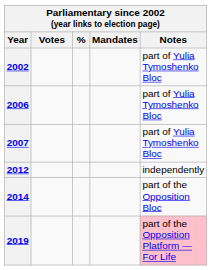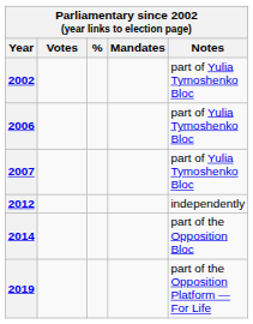 <table class="wikitable" style="float:right">
 <tr style="background-color:#C9C9C9">
 <th colspan="9"><strong>Parliamentary since 2002<br><small>(year links to election page)</small></strong></th>
 </tr>
 <tr>
 <th style="width: 20px">Year</th>
 <th style="width: 60px">Votes</th>
 <th style="width: 20px">%</th>
 <th style="width: 20px">Mandates</th>
 <th style="width: 60px">Notes</th>
 </tr>
 <tr>
 <th><a href='#'>2002</a></th>
 <td></td>
 <td></td>
 <td></td>
 <td>part of <a href='#'>Yulia Tymoshenko Bloc</a></td>
 </tr>
 <tr>
 <th><a href='#'>2006</a></th>
 <td></td>
 <td></td>
 <td></td>
 <td>part of <a href='#'>Yulia Tymoshenko Bloc</a></td>
 </tr>
 <tr>
 <th><a href='#'>2007</a></th>
 <td></td>
 <td></td>
 <td></td>
 <td>part of <a href='#'>Yulia Tymoshenko Bloc</a></td>
 </tr>
 <tr>
 <th><a href='#'>2012</a></th>
 <td></td>
 <td></td>
 <td></td>
 <td>independently</td>
 </tr>
 <tr>
 <th><a href='#'>2014</a></th>
 <td></td>
 <td></td>
 <td></td>
 <td>part of the <a href='#'>Opposition Bloc</a></td>
 </tr>
 <tr>
 <th><a href='#'>2019</a></th>
 <td></td>
 <td></td>
 <td></td>
-<td style="background: pink;">part of the <a href='#'>Opposition Platform — For Life</a></td>
+<td>part of the <a href='#'>Opposition Platform — For Life</a></td>
 </tr>
 </table>
